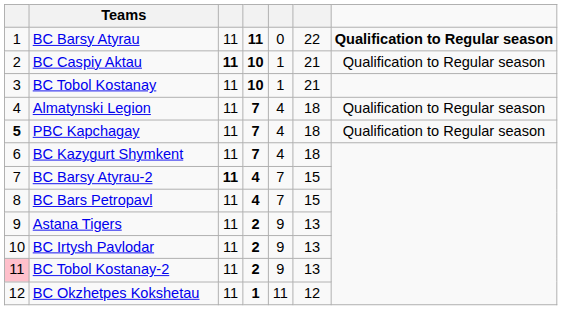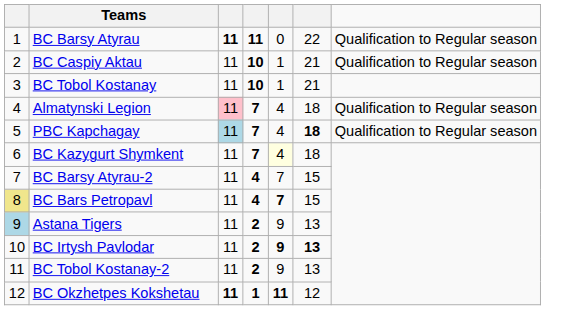 <table class="wikitable" style="text-align: center;">
 <tr>
 <th width=20></th>
 <th width=200>Teams</th>
 <th width=20></th>
 <th width=20></th>
 <th width=20></th>
 <th width=35></th>
 </tr>
 <tr>
 <td>1</td>
 <td align="left"><a href='#'>BC Barsy Atyrau</a></td>
-<td>11</td>
+<td><strong>11</strong></td>
 <td><strong>11</strong></td>
 <td>0</td>
 <td>22</td>
-<td><strong>Qualification to Regular season</strong></td>
+<td>Qualification to Regular season</td>
 </tr>
 <tr>
 <td>2</td>
 <td align="left"><a href='#'>BC Caspiy Aktau</a></td>
-<td><strong>11</strong></td>
+<td>11</td>
 <td><strong>10</strong></td>
 <td>1</td>
 <td>21</td>
 <td>Qualification to Regular season</td>
 </tr>
 <tr>
 <td>3</td>
 <td align="left"><a href='#'>BC Tobol Kostanay</a></td>
 <td>11</td>
 <td><strong>10</strong></td>
 <td>1</td>
 <td>21</td>
 </tr>
 <tr>
 <td>4</td>
 <td align="left"><a href='#'>Almatynski Legion</a></td>
-<td>11</td>
+<td style="background: pink;">11</td>
 <td><strong>7</strong></td>
 <td>4</td>
 <td>18</td>
 <td>Qualification to Regular season</td>
 </tr>
 <tr>
-<td><strong>5</strong></td>
+<td>5</td>
 <td align="left"><a href='#'>PBC Kapchagay</a></td>
-<td>11</td>
+<td style="background: lightblue;">11</td>
 <td><strong>7</strong></td>
 <td>4</td>
-<td>18</td>
+<td><strong>18</strong></td>
 <td>Qualification to Regular season</td>
 </tr>
 <tr>
 <td>6</td>
 <td align="left"><a href='#'>BC Kazygurt Shymkent</a></td>
 <td>11</td>
 <td><strong>7</strong></td>
-<td>4</td>
+<td style="background: lightyellow;">4</td>
 <td>18</td>
 </tr>
 <tr>
 <td>7</td>
 <td align="left"><a href='#'>BC Barsy Atyrau-2</a></td>
-<td><strong>11</strong></td>
-<td><strong>4</strong></td>
-<td>7</td>
-<td>15</td>
-</tr>
-<tr>
-<td>8</td>
-<td align="left"><a href='#'>BC Bars Petropavl</a></td>
 <td>11</td>
 <td><strong>4</strong></td>
 <td>7</td>
 <td>15</td>
 </tr>
 <tr>
-<td>9</td>
+<td style="background: khaki;">8</td>
+<td align="left"><a href='#'>BC Bars Petropavl</a></td>
+<td>11</td>
+<td><strong>4</strong></td>
+<td><strong>7</strong></td>
+<td>15</td>
+</tr>
+<tr>
+<td style="background: lightblue;">9</td>
 <td align="left"><a href='#'>Astana Tigers</a></td>
 <td>11</td>
 <td><strong>2</strong></td>
 <td>9</td>
 <td>13</td>
 </tr>
 <tr>
 <td>10</td>
 <td align="left"><a href='#'>BC Irtysh Pavlodar</a></td>
 <td>11</td>
 <td><strong>2</strong></td>
-<td>9</td>
-<td>13</td>
+<td><strong>9</strong></td>
+<td><strong>13</strong></td>
 </tr>
 <tr>
-<td style="background: pink;">11</td>
+<td>11</td>
 <td align="left"><a href='#'>BC Tobol Kostanay-2</a></td>
 <td>11</td>
 <td><strong>2</strong></td>
 <td>9</td>
 <td>13</td>
 </tr>
 <tr>
 <td>12</td>
 <td align="left"><a href='#'>BC Okzhetpes Kokshetau</a></td>
-<td>11</td>
+<td><strong>11</strong></td>
 <td><strong>1</strong></td>
-<td>11</td>
+<td><strong>11</strong></td>
 <td>12</td>
 </tr>
 </table>
